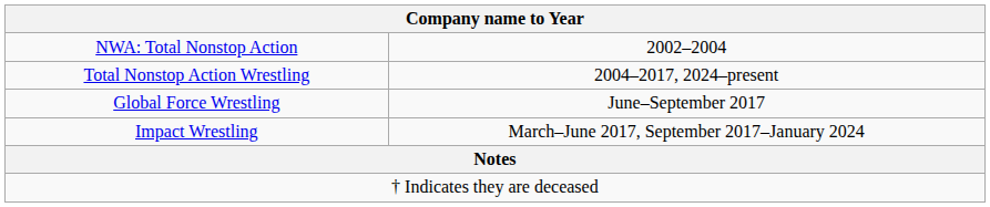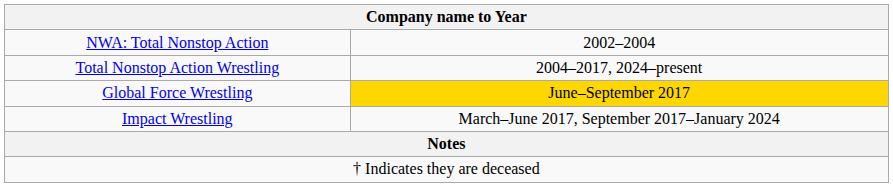 <table class="wikitable" width="70%" style="text-align:center;">
 <tr>
 <th colspan="2">Company name to Year</th>
 </tr>
 <tr>
 <td><a href='#'>NWA: Total Nonstop Action</a></td>
 <td>2002–2004</td>
 </tr>
 <tr>
 <td><a href='#'>Total Nonstop Action Wrestling</a></td>
 <td>2004–2017, 2024–present</td>
 </tr>
 <tr>
 <td><a href='#'>Global Force Wrestling</a></td>
-<td>June–September 2017</td>
+<td style="background: gold;">June–September 2017</td>
 </tr>
 <tr>
 <td><a href='#'>Impact Wrestling</a></td>
 <td>March–June 2017, September 2017–January 2024</td>
 </tr>
 <tr>
 <th colspan="2">Notes</th>
 </tr>
 <tr>
 <td colspan="2">† Indicates they are deceased</td>
 </tr>
 </table>
